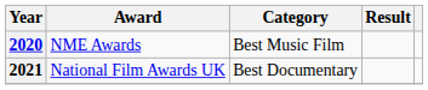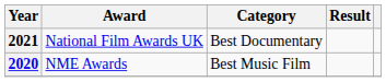 <table class="wikitable sortable plainrowheaders">
 <tr>
 <th scope="col">Year</th>
 <th scope="col">Award</th>
 <th scope="col">Category</th>
 <th scope="col">Result</th>
 <th scope="col" class="unsortable"></th>
 </tr>
 <tr>
+<th scope="row">2021</th>
+<td><a href='#'>National Film Awards UK</a></td>
+<td>Best Documentary</td>
+<td></td>
+<td style="text-align:center;"></td>
+</tr>
+<tr>
 <th scope="row"><a href='#'>2020</a></th>
 <td><a href='#'>NME Awards</a></td>
 <td>Best Music Film</td>
 <td></td>
 <td style="text-align:center;"></td>
 </tr>
 <tr>
-<th scope="row">2021</th>
-<td><a href='#'>National Film Awards UK</a></td>
-<td>Best Documentary</td>
-<td></td>
-<td style="text-align:center;"></td>
-</tr>
-<tr>
 </tr>
 </table>
